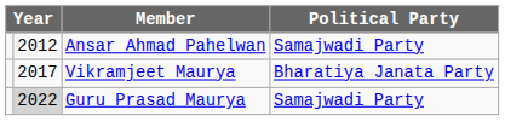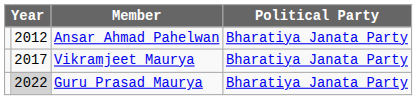 <table class="wikitable">
 <tr>
 <th style="background:#666; color:white;" colspan="2">Year</th>
 <th style="background:#666; color:white;">Member</th>
 <th style="background:#666; color:white;">Political Party</th>
 </tr>
 <tr>
 <td style="background-color: "></td>
 <td>2012</td>
 <td><a href='#'>Ansar Ahmad Pahelwan</a></td>
-<td><a href='#'>Samajwadi Party</a></td>
+<td><a href='#'>Bharatiya Janata Party</a></td>
 </tr>
 <tr>
 <td style="background-color: "></td>
 <td>2017</td>
 <td><a href='#'>Vikramjeet Maurya</a></td>
 <td><a href='#'>Bharatiya Janata Party</a></td>
 </tr>
 <tr>
 <td style="background-color: "></td>
 <td style="background: lightgrey;">2022</td>
 <td><a href='#'>Guru Prasad Maurya</a></td>
-<td><a href='#'>Samajwadi Party</a></td>
+<td><a href='#'>Bharatiya Janata Party</a></td>
 </tr>
 </table>
